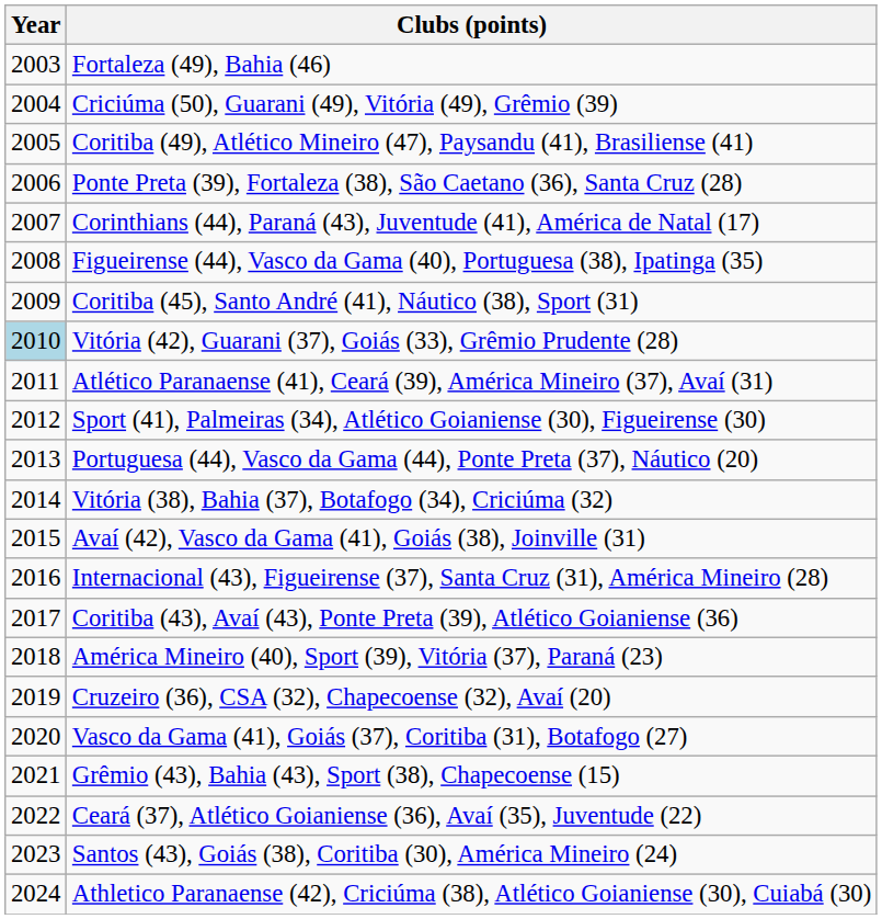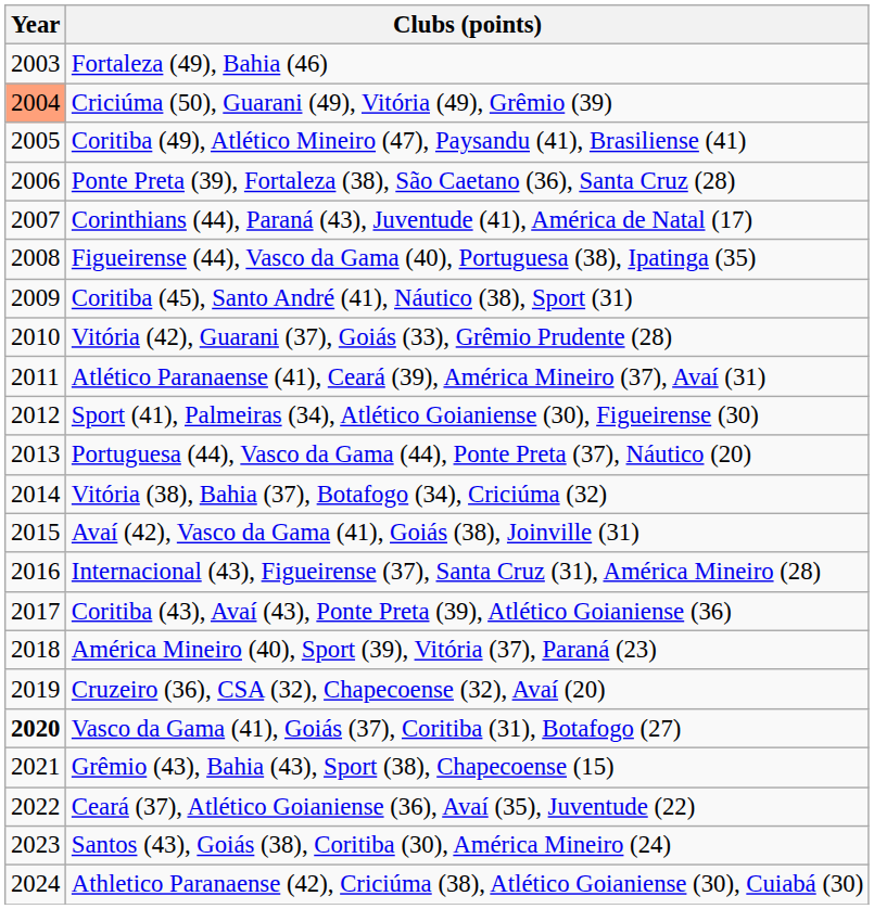 <table class="wikitable">
 <tr>
 <th>Year</th>
 <th>Clubs (points)</th>
 </tr>
 <tr>
 <td>2003</td>
 <td><a href='#'>Fortaleza</a> (49), <a href='#'>Bahia</a> (46)</td>
 </tr>
 <tr>
-<td>2004</td>
+<td style="background: lightsalmon;">2004</td>
 <td><a href='#'>Criciúma</a> (50), <a href='#'>Guarani</a> (49), <a href='#'>Vitória</a> (49), <a href='#'>Grêmio</a> (39)</td>
 </tr>
 <tr>
 <td>2005</td>
 <td><a href='#'>Coritiba</a> (49), <a href='#'>Atlético Mineiro</a> (47), <a href='#'>Paysandu</a> (41), <a href='#'>Brasiliense</a> (41)</td>
 </tr>
 <tr>
 <td>2006</td>
 <td><a href='#'>Ponte Preta</a> (39), <a href='#'>Fortaleza</a> (38), <a href='#'>São Caetano</a> (36), <a href='#'>Santa Cruz</a> (28)</td>
 </tr>
 <tr>
 <td>2007</td>
 <td><a href='#'>Corinthians</a> (44), <a href='#'>Paraná</a> (43), <a href='#'>Juventude</a> (41), <a href='#'>América de Natal</a> (17)</td>
 </tr>
 <tr>
 <td>2008</td>
 <td><a href='#'>Figueirense</a> (44), <a href='#'>Vasco da Gama</a> (40), <a href='#'>Portuguesa</a> (38), <a href='#'>Ipatinga</a> (35)</td>
 </tr>
 <tr>
 <td>2009</td>
 <td><a href='#'>Coritiba</a> (45), <a href='#'>Santo André</a> (41), <a href='#'>Náutico</a> (38), <a href='#'>Sport</a> (31)</td>
 </tr>
 <tr>
-<td style="background: lightblue;">2010</td>
+<td>2010</td>
 <td><a href='#'>Vitória</a> (42), <a href='#'>Guarani</a> (37), <a href='#'>Goiás</a> (33), <a href='#'>Grêmio Prudente</a> (28)</td>
 </tr>
 <tr>
 <td>2011</td>
 <td><a href='#'>Atlético Paranaense</a> (41), <a href='#'>Ceará</a> (39), <a href='#'>América Mineiro</a> (37), <a href='#'>Avaí</a> (31)</td>
 </tr>
 <tr>
 <td>2012</td>
 <td><a href='#'>Sport</a> (41), <a href='#'>Palmeiras</a> (34), <a href='#'>Atlético Goianiense</a> (30), <a href='#'>Figueirense</a> (30)</td>
 </tr>
 <tr>
 <td>2013</td>
 <td><a href='#'>Portuguesa</a> (44), <a href='#'>Vasco da Gama</a> (44), <a href='#'>Ponte Preta</a> (37), <a href='#'>Náutico</a> (20)</td>
 </tr>
 <tr>
 <td>2014</td>
 <td><a href='#'>Vitória</a> (38), <a href='#'>Bahia</a> (37), <a href='#'>Botafogo</a> (34), <a href='#'>Criciúma</a> (32)</td>
 </tr>
 <tr>
 <td>2015</td>
 <td><a href='#'>Avaí</a> (42), <a href='#'>Vasco da Gama</a> (41), <a href='#'>Goiás</a> (38), <a href='#'>Joinville</a> (31)</td>
 </tr>
 <tr>
 <td>2016</td>
 <td><a href='#'>Internacional</a> (43), <a href='#'>Figueirense</a> (37), <a href='#'>Santa Cruz</a> (31), <a href='#'>América Mineiro</a> (28)</td>
 </tr>
 <tr>
 <td>2017</td>
 <td><a href='#'>Coritiba</a> (43), <a href='#'>Avaí</a> (43), <a href='#'>Ponte Preta</a> (39), <a href='#'>Atlético Goianiense</a> (36)</td>
 </tr>
 <tr>
 <td>2018</td>
 <td><a href='#'>América Mineiro</a> (40), <a href='#'>Sport</a> (39), <a href='#'>Vitória</a> (37), <a href='#'>Paraná</a> (23)</td>
 </tr>
 <tr>
 <td>2019</td>
 <td><a href='#'>Cruzeiro</a> (36), <a href='#'>CSA</a> (32), <a href='#'>Chapecoense</a> (32), <a href='#'>Avaí</a> (20)</td>
 </tr>
 <tr>
-<td>2020</td>
+<td><strong>2020</strong></td>
 <td><a href='#'>Vasco da Gama</a> (41), <a href='#'>Goiás</a> (37), <a href='#'>Coritiba</a> (31), <a href='#'>Botafogo</a> (27)</td>
 </tr>
 <tr>
 <td>2021</td>
 <td><a href='#'>Grêmio</a> (43), <a href='#'>Bahia</a> (43), <a href='#'>Sport</a> (38), <a href='#'>Chapecoense</a> (15)</td>
 </tr>
 <tr>
 <td>2022</td>
 <td><a href='#'>Ceará</a> (37), <a href='#'>Atlético Goianiense</a> (36), <a href='#'>Avaí</a> (35), <a href='#'>Juventude</a> (22)</td>
 </tr>
 <tr>
 <td>2023</td>
 <td><a href='#'>Santos</a> (43), <a href='#'>Goiás</a> (38), <a href='#'>Coritiba</a> (30), <a href='#'>América Mineiro</a> (24)</td>
 </tr>
 <tr>
 <td>2024</td>
 <td><a href='#'>Athletico Paranaense</a> (42), <a href='#'>Criciúma</a> (38), <a href='#'>Atlético Goianiense</a> (30), <a href='#'>Cuiabá</a> (30)</td>
 </tr>
 </table>
